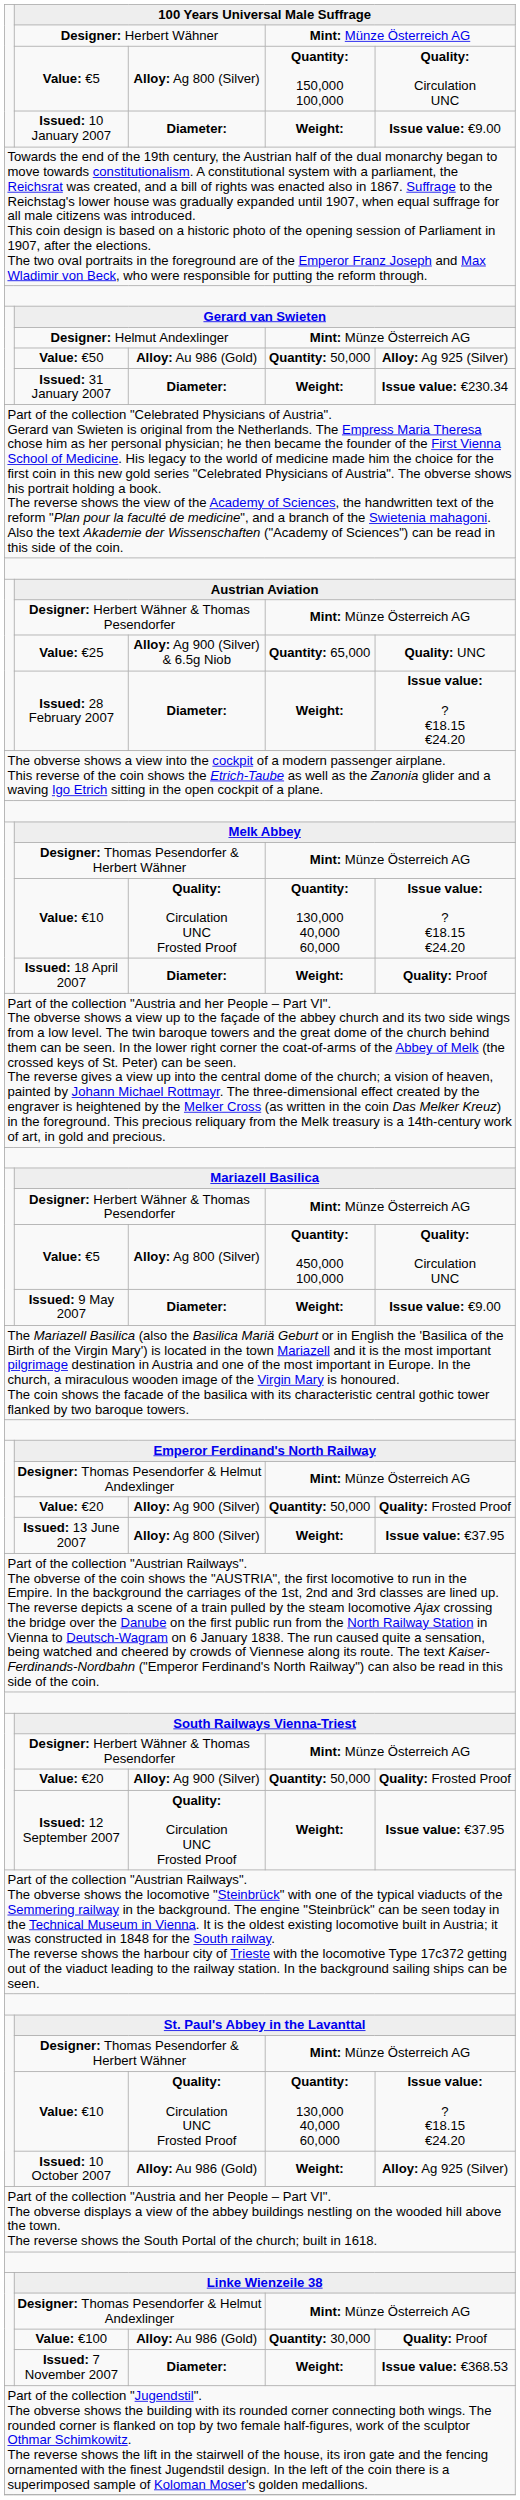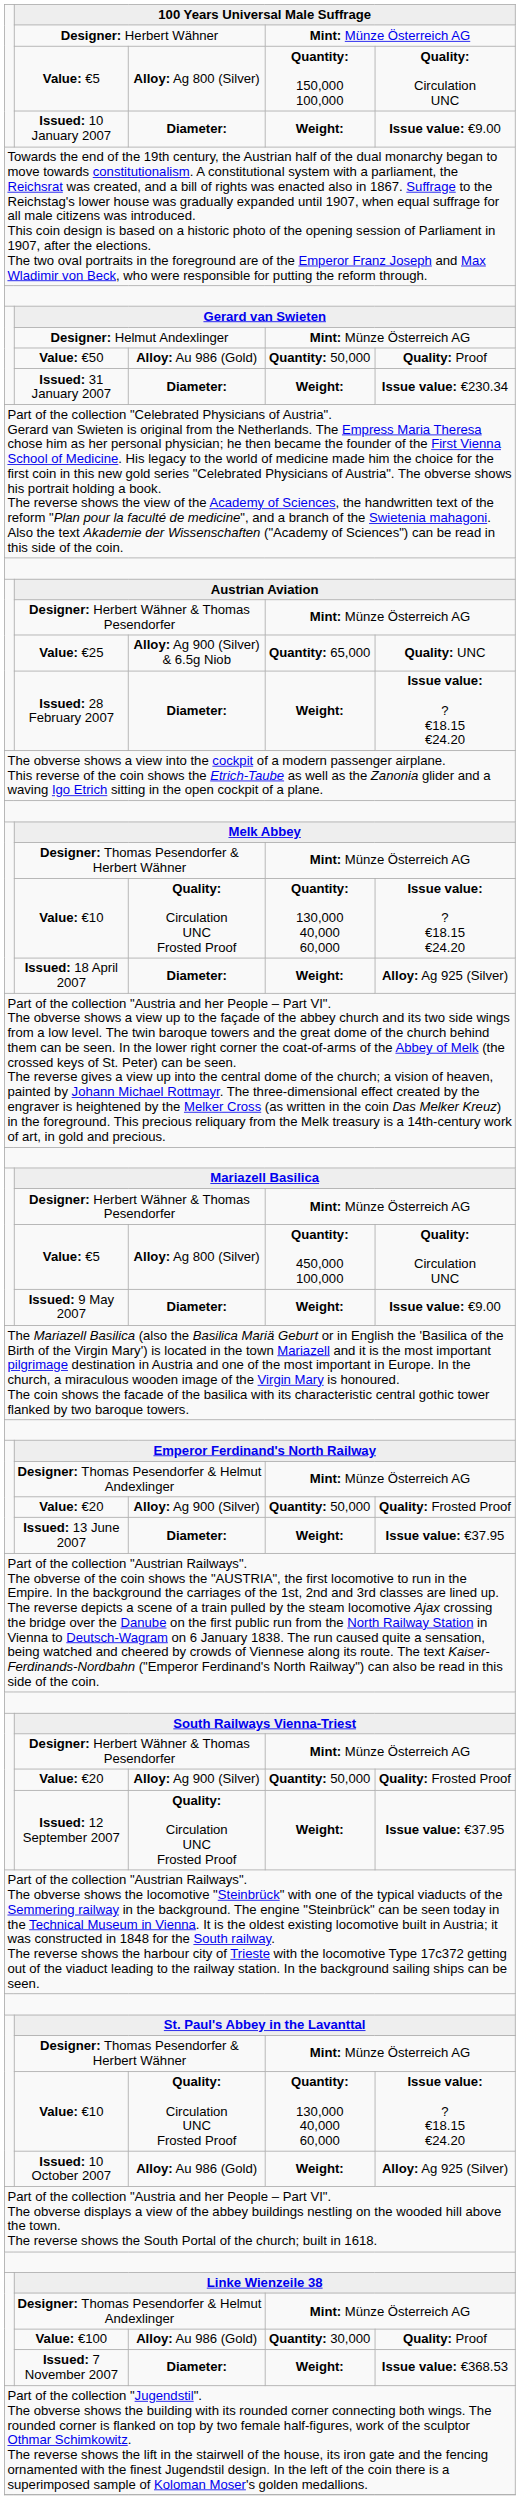 <table class="wikitable" width="100%">
 <tr>
 <td rowspan=4 width="330px" nowrap align=center> </td>
 <th colspan="4" align=center style="background:#eeeeee;">100 Years Universal Male Suffrage</th>
 </tr>
 <tr>
 <td colspan="2" width="50%" align=center><strong>Designer:</strong> Herbert Wähner</td>
 <td colspan="2" width="50%" align=center><strong>Mint:</strong> <a href='#'>Münze Österreich AG</a></td>
 </tr>
 <tr>
 <td align=center><strong>Value:</strong> €5</td>
 <td align=center><strong>Alloy:</strong> Ag 800 (Silver)</td>
 <td align=center><strong>Quantity:</strong><br><br>150,000<br> 100,000</td>
 <td align=center><strong>Quality:</strong><br><br>Circulation<br> UNC</td>
 </tr>
 <tr>
 <td align=center><strong>Issued:</strong> 10 January 2007</td>
 <td align=center><strong>Diameter:</strong> </td>
 <td align=center><strong>Weight:</strong> </td>
 <td align=center><strong>Issue value:</strong> €9.00</td>
 </tr>
 <tr>
 <td colspan="5" align=left>Towards the end of the 19th century, the Austrian half of the dual monarchy began to move towards <a href='#'>constitutionalism</a>. A constitutional system with a parliament, the <a href='#'>Reichsrat</a> was created, and a bill of rights was enacted also in 1867. <a href='#'>Suffrage</a> to the Reichstag's lower house was gradually expanded until 1907, when equal suffrage for all male citizens was introduced.<br>This coin design is based on a historic photo of the opening session of Parliament in 1907, after the elections.<br>The two oval portraits in the foreground are of the <a href='#'>Emperor Franz Joseph</a> and <a href='#'>Max Wladimir von Beck</a>, who were responsible for putting the reform through.</td>
 </tr>
 <tr>
 <td colspan="5"> </td>
 </tr>
 <tr>
 <td rowspan=4 width="330px" nowrap align=center> </td>
 <th colspan="4" align=center style="background:#eeeeee;"><a href='#'>Gerard van Swieten</a></th>
 </tr>
 <tr>
 <td colspan="2" width="50%" align=center><strong>Designer:</strong> Helmut Andexlinger</td>
 <td colspan="2" width="50%" align=center><strong>Mint:</strong> Münze Österreich AG</td>
 </tr>
 <tr>
 <td align=center><strong>Value:</strong> €50</td>
 <td align=center><strong>Alloy:</strong> Au 986 (Gold)</td>
 <td align=center><strong>Quantity:</strong> 50,000</td>
-<td align=center><strong>Alloy:</strong> Ag 925 (Silver)</td>
+<td align=center><strong>Quality:</strong> Proof</td>
 </tr>
 <tr>
 <td align=center><strong>Issued:</strong> 31 January 2007</td>
 <td align=center><strong>Diameter:</strong> </td>
 <td align=center><strong>Weight:</strong> </td>
 <td align=center><strong>Issue value:</strong> €230.34</td>
 </tr>
 <tr>
 <td colspan="5" align=left>Part of the collection "Celebrated Physicians of Austria".<br>Gerard van Swieten is original from the Netherlands. The <a href='#'>Empress Maria Theresa</a> chose him as her personal physician; he then became the founder of the <a href='#'>First Vienna School of Medicine</a>. His legacy to the world of medicine made him the choice for the first coin in this new gold series "Celebrated Physicians of Austria". The obverse shows his portrait holding a book.<br>The reverse shows the view of the <a href='#'>Academy of Sciences</a>, the handwritten text of the reform "<em>Plan pour la faculté de medicine</em>", and a branch of the <a href='#'>Swietenia mahagoni</a>. Also the text <em>Akademie der Wissenschaften</em> ("Academy of Sciences") can be read in this side of the coin.</td>
 </tr>
 <tr>
 <td colspan="5"> </td>
 </tr>
 <tr>
 <td rowspan=4 width="330px" nowrap align=center> </td>
 <th colspan="4" align=center style="background:#eeeeee;">Austrian Aviation</th>
 </tr>
 <tr>
 <td colspan="2" width="50%" align=center><strong>Designer:</strong> Herbert Wähner & Thomas Pesendorfer</td>
 <td colspan="2" width="50%" align=center><strong>Mint:</strong> Münze Österreich AG</td>
 </tr>
 <tr>
 <td align=center><strong>Value:</strong> €25</td>
 <td align=center><strong>Alloy:</strong> Ag 900 (Silver) & 6.5g Niob</td>
 <td align=center><strong>Quantity:</strong> 65,000</td>
 <td align=center><strong>Quality:</strong> UNC</td>
 </tr>
 <tr>
 <td align=center><strong>Issued:</strong> 28 February 2007</td>
 <td align=center><strong>Diameter:</strong> </td>
 <td align=center><strong>Weight:</strong> </td>
 <td align=center><strong>Issue value:</strong><br><br>?<br> €18.15<br> €24.20</td>
 </tr>
 <tr>
 <td colspan="5" align=left>The obverse shows a view into the <a href='#'>cockpit</a> of a modern passenger airplane.<br>This reverse of the coin shows the <em><a href='#'>Etrich-Taube</a></em> as well as the <em>Zanonia</em> glider and a waving <a href='#'>Igo Etrich</a> sitting in the open cockpit of a plane.</td>
 </tr>
 <tr>
 <td colspan="5"> </td>
 </tr>
 <tr>
 <td rowspan=4 width="330px" nowrap align=center> </td>
 <th colspan="4" align=center style="background:#eeeeee;"><a href='#'>Melk Abbey</a></th>
 </tr>
 <tr>
 <td colspan="2" width="50%" align=center><strong>Designer:</strong> Thomas Pesendorfer & Herbert Wähner</td>
 <td colspan="2" width="50%" align=center><strong>Mint:</strong> Münze Österreich AG</td>
 </tr>
 <tr>
 <td align=center><strong>Value:</strong> €10</td>
 <td align=center><strong>Quality:</strong><br><br>Circulation<br> UNC<br> Frosted Proof</td>
 <td align=center><strong>Quantity:</strong><br><br>130,000<br> 40,000<br> 60,000</td>
 <td align=center><strong>Issue value:</strong><br><br>?<br> €18.15<br> €24.20</td>
 </tr>
 <tr>
 <td align=center><strong>Issued:</strong> 18 April 2007</td>
 <td align=center><strong>Diameter:</strong> </td>
 <td align=center><strong>Weight:</strong> </td>
-<td align=center><strong>Quality:</strong> Proof</td>
+<td align=center><strong>Alloy:</strong> Ag 925 (Silver)</td>
 </tr>
 <tr>
 <td colspan="5" align=left>Part of the collection "Austria and her People – Part VI".<br>The obverse shows a view up to the façade of the abbey church and its two side wings from a low level. The twin baroque towers and the great dome of the church behind them can be seen. In the lower right corner the coat-of-arms of the <a href='#'>Abbey of Melk</a> (the crossed keys of St. Peter) can be seen.<br>The reverse gives a view up into the central dome of the church; a vision of heaven, painted by <a href='#'>Johann Michael Rottmayr</a>. The three-dimensional effect created by the engraver is heightened by the <a href='#'>Melker Cross</a> (as written in the coin <em>Das Melker Kreuz</em>) in the foreground. This precious reliquary from the Melk treasury is a 14th-century work of art, in gold and precious.</td>
 </tr>
 <tr>
 <td colspan="5"> </td>
 </tr>
 <tr>
 <td rowspan=4 width="330px" nowrap align=center> </td>
 <th colspan="4" align=center style="background:#eeeeee;"><a href='#'>Mariazell Basilica</a></th>
 </tr>
 <tr>
 <td colspan="2" width="50%" align=center><strong>Designer:</strong> Herbert Wähner & Thomas Pesendorfer</td>
 <td colspan="2" width="50%" align=center><strong>Mint:</strong> Münze Österreich AG</td>
 </tr>
 <tr>
 <td align=center><strong>Value:</strong> €5</td>
 <td align=center><strong>Alloy:</strong> Ag 800 (Silver)</td>
 <td align=center><strong>Quantity:</strong><br><br>450,000<br> 100,000</td>
 <td align=center><strong>Quality:</strong><br><br>Circulation<br> UNC</td>
 </tr>
 <tr>
 <td align=center><strong>Issued:</strong> 9 May 2007</td>
 <td align=center><strong>Diameter:</strong> </td>
 <td align=center><strong>Weight:</strong> </td>
 <td align=center><strong>Issue value:</strong> €9.00</td>
 </tr>
 <tr>
 <td colspan="5" align=left>The <em>Mariazell Basilica</em> (also the <em>Basilica Mariä Geburt</em> or in English the 'Basilica of the Birth of the Virgin Mary') is located in the town <a href='#'>Mariazell</a> and it is the most important <a href='#'>pilgrimage</a> destination in Austria and one of the most important in Europe. In the church, a miraculous wooden image of the <a href='#'>Virgin Mary</a> is honoured.<br>The coin shows the facade of the basilica with its characteristic central gothic tower flanked by two baroque towers.</td>
 </tr>
 <tr>
 <td colspan="5"> </td>
 </tr>
 <tr>
 <td rowspan=4 width="330px" nowrap align=center> </td>
 <th colspan="4" align=center style="background:#eeeeee;"><a href='#'>Emperor Ferdinand's North Railway</a></th>
 </tr>
 <tr>
 <td colspan="2" width="50%" align=center><strong>Designer:</strong> Thomas Pesendorfer & Helmut Andexlinger</td>
 <td colspan="2" width="50%" align=center><strong>Mint:</strong> Münze Österreich AG</td>
 </tr>
 <tr>
 <td align=center><strong>Value:</strong> €20</td>
 <td align=center><strong>Alloy:</strong> Ag 900 (Silver)</td>
 <td align=center><strong>Quantity:</strong> 50,000</td>
 <td align=center><strong>Quality:</strong> Frosted Proof</td>
 </tr>
 <tr>
 <td align=center><strong>Issued:</strong> 13 June 2007</td>
-<td align=center><strong>Alloy:</strong> Ag 800 (Silver)</td>
+<td align=center><strong>Diameter:</strong> </td>
 <td align=center><strong>Weight:</strong> </td>
 <td align=center><strong>Issue value:</strong> €37.95</td>
 </tr>
 <tr>
 <td colspan="5" align=left>Part of the collection "Austrian Railways".<br>The obverse of the coin shows the "AUSTRIA", the first locomotive to run in the Empire. In the background the carriages of the 1st, 2nd and 3rd classes are lined up.<br>The reverse depicts a scene of a train pulled by the steam locomotive <em>Ajax</em> crossing the bridge over the <a href='#'>Danube</a> on the first public run from the <a href='#'>North Railway Station</a> in Vienna to <a href='#'>Deutsch-Wagram</a> on 6 January 1838. The run caused quite a sensation, being watched and cheered by crowds of Viennese along its route. The text <em>Kaiser-Ferdinands-Nordbahn</em> ("Emperor Ferdinand's North Railway") can also be read in this side of the coin.</td>
 </tr>
 <tr>
 <td colspan="5"> </td>
 </tr>
 <tr>
 <td rowspan=4 width="330px" nowrap align=center> </td>
 <th colspan="4" align=center style="background:#eeeeee;"><a href='#'>South Railways Vienna-Triest</a></th>
 </tr>
 <tr>
 <td colspan="2" width="50%" align=center><strong>Designer:</strong> Herbert Wähner & Thomas Pesendorfer</td>
 <td colspan="2" width="50%" align=center><strong>Mint:</strong> Münze Österreich AG</td>
 </tr>
 <tr>
 <td align=center><strong>Value:</strong> €20</td>
 <td align=center><strong>Alloy:</strong> Ag 900 (Silver)</td>
 <td align=center><strong>Quantity:</strong> 50,000</td>
 <td align=center><strong>Quality:</strong> Frosted Proof</td>
 </tr>
 <tr>
 <td align=center><strong>Issued:</strong> 12 September 2007</td>
 <td align=center><strong>Quality:</strong><br><br>Circulation<br> UNC<br> Frosted Proof</td>
 <td align=center><strong>Weight:</strong> </td>
 <td align=center><strong>Issue value:</strong> €37.95</td>
 </tr>
 <tr>
 <td colspan="5" align=left>Part of the collection "Austrian Railways".<br>The obverse shows the locomotive "<a href='#'>Steinbrück</a>" with one of the typical viaducts of the <a href='#'>Semmering railway</a> in the background. The engine "Steinbrück" can be seen today in the <a href='#'>Technical Museum in Vienna</a>. It is the oldest existing locomotive built in Austria; it was constructed in 1848 for the <a href='#'>South railway</a>.<br>The reverse shows the harbour city of <a href='#'>Trieste</a> with the locomotive Type 17c372 getting out of the viaduct leading to the railway station. In the background sailing ships can be seen.</td>
 </tr>
 <tr>
 <td colspan="5"> </td>
 </tr>
 <tr>
 <td rowspan=4 width="330px" nowrap align=center> </td>
 <th colspan="4" align=center style="background:#eeeeee;"><a href='#'>St. Paul's Abbey in the Lavanttal</a></th>
 </tr>
 <tr>
 <td colspan="2" width="50%" align=center><strong>Designer:</strong> Thomas Pesendorfer & Herbert Wähner</td>
 <td colspan="2" width="50%" align=center><strong>Mint:</strong> Münze Österreich AG</td>
 </tr>
 <tr>
 <td align=center><strong>Value:</strong> €10</td>
 <td align=center><strong>Quality:</strong><br><br>Circulation<br> UNC<br> Frosted Proof</td>
 <td align=center><strong>Quantity:</strong><br><br>130,000<br> 40,000<br> 60,000</td>
 <td align=center><strong>Issue value:</strong><br><br>?<br> €18.15<br> €24.20</td>
 </tr>
 <tr>
 <td align=center><strong>Issued:</strong> 10 October 2007</td>
 <td align=center><strong>Alloy:</strong> Au 986 (Gold)</td>
 <td align=center><strong>Weight:</strong> </td>
 <td align=center><strong>Alloy:</strong> Ag 925 (Silver)</td>
 </tr>
 <tr>
 <td colspan="5" align=left>Part of the collection "Austria and her People – Part VI".<br>The obverse displays a view of the abbey buildings nestling on the wooded hill above the town.<br>The reverse shows the South Portal of the church; built in 1618.</td>
 </tr>
 <tr>
 <td colspan="5"> </td>
 </tr>
 <tr>
 <td rowspan=4 width="330px" nowrap align=center> </td>
 <th colspan="4" align=center style="background:#eeeeee;"><a href='#'>Linke Wienzeile 38</a></th>
 </tr>
 <tr>
 <td colspan="2" width="50%" align=center><strong>Designer:</strong> Thomas Pesendorfer & Helmut Andexlinger</td>
 <td colspan="2" width="50%" align=center><strong>Mint:</strong> Münze Österreich AG</td>
 </tr>
 <tr>
 <td align=center><strong>Value:</strong> €100</td>
 <td align=center><strong>Alloy:</strong> Au 986 (Gold)</td>
 <td align=center><strong>Quantity:</strong> 30,000</td>
 <td align=center><strong>Quality:</strong> Proof</td>
 </tr>
 <tr>
 <td align=center><strong>Issued:</strong> 7 November 2007</td>
 <td align=center><strong>Diameter:</strong> </td>
 <td align=center><strong>Weight:</strong> </td>
 <td align=center><strong>Issue value:</strong> €368.53</td>
 </tr>
 <tr>
 <td colspan="5" align=left>Part of the collection "<a href='#'>Jugendstil</a>".<br>The obverse shows the building with its rounded corner connecting both wings. The rounded corner is flanked on top by two female half-figures, work of the sculptor <a href='#'>Othmar Schimkowitz</a>.<br>The reverse shows the lift in the stairwell of the house, its iron gate and the fencing ornamented with the finest Jugendstil design. In the left of the coin there is a superimposed sample of <a href='#'>Koloman Moser</a>'s golden medallions.</td>
 </tr>
 <tr>
 </tr>
 </table>
